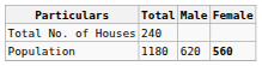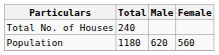 <table class="wikitable sortable">
 <tr>
 <th>Particulars</th>
 <th>Total</th>
 <th>Male</th>
 <th>Female</th>
 </tr>
 <tr>
 <td>Total No. of Houses</td>
 <td>240</td>
 <td></td>
 <td></td>
 </tr>
 <tr>
 <td>Population</td>
 <td>1180</td>
 <td>620</td>
-<td><strong>560</strong></td>
+<td>560</td>
 </tr>
 <tr>
 </tr>
 </table>
